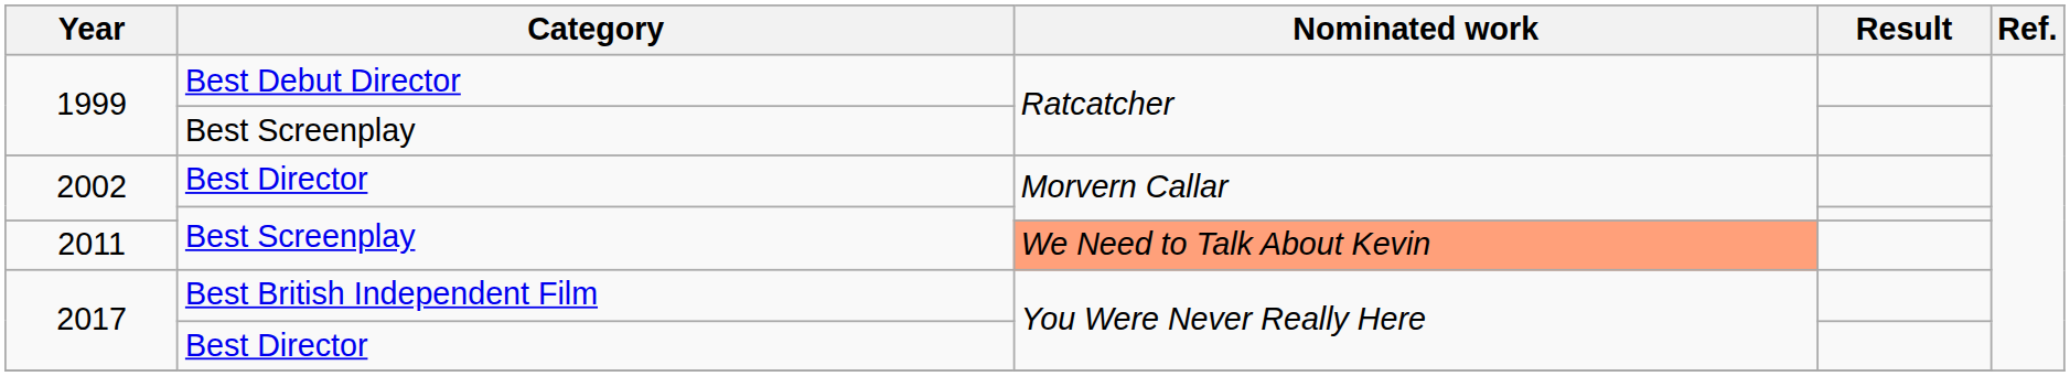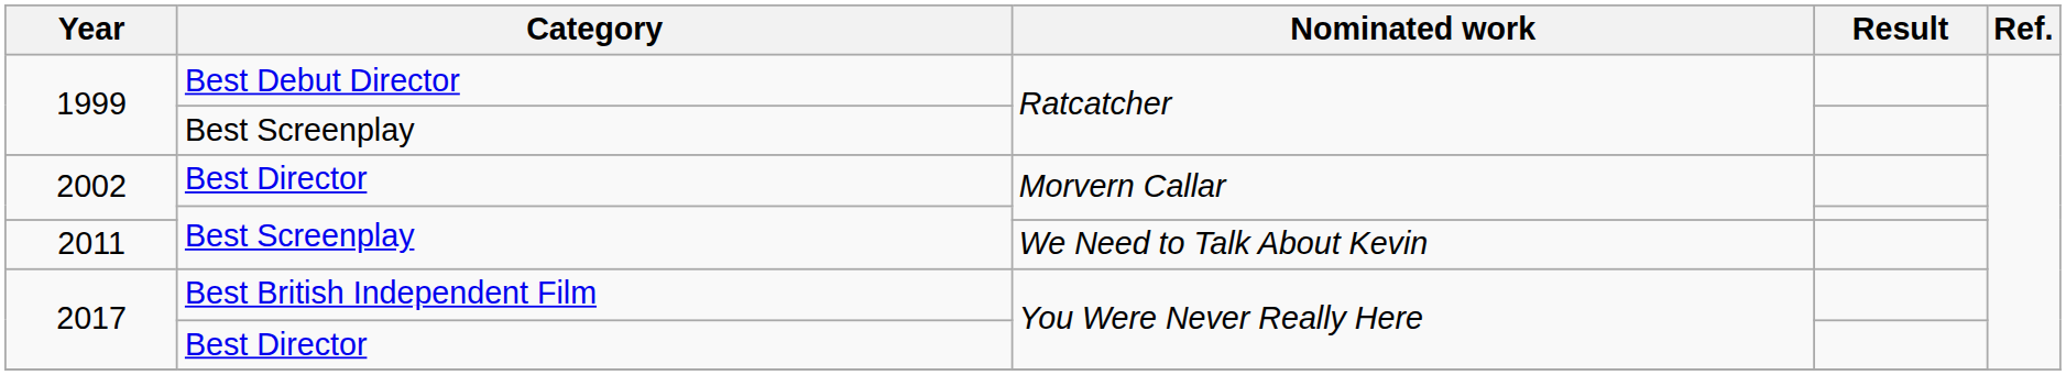 <table class=wikitable>
 <tr>
 <th scope="col" style="width:5em;">Year</th>
 <th scope="col" style="width:26em;">Category</th>
 <th scope="col" style="width:25em;">Nominated work</th>
 <th scope="col" style="width:5em;">Result</th>
 <th>Ref.</th>
 </tr>
 <tr>
 <td style="text-align:center;", rowspan=2>1999</td>
 <td><a href='#'>Best Debut Director</a></td>
 <td rowspan=2><em>Ratcatcher</em></td>
 <td></td>
 </tr>
 <tr>
 <td>Best Screenplay</td>
 <td></td>
 </tr>
 <tr>
 <td style="text-align:center;", rowspan=2>2002</td>
 <td><a href='#'>Best Director</a></td>
 <td rowspan=2><em>Morvern Callar</em></td>
 <td></td>
 </tr>
 <tr>
 <td rowspan=2><a href='#'>Best Screenplay</a></td>
 <td></td>
 </tr>
 <tr>
 <td style="text-align:center;">2011</td>
-<td style="background: lightsalmon;"><em>We Need to Talk About Kevin</em></td>
+<td><em>We Need to Talk About Kevin</em></td>
 <td></td>
 </tr>
 <tr>
 <td style="text-align:center;", rowspan=2>2017</td>
 <td><a href='#'>Best British Independent Film</a></td>
 <td rowspan=2><em>You Were Never Really Here</em></td>
 <td></td>
 </tr>
 <tr>
 <td><a href='#'>Best Director</a></td>
 <td></td>
 </tr>
 <tr>
 </tr>
 </table>
